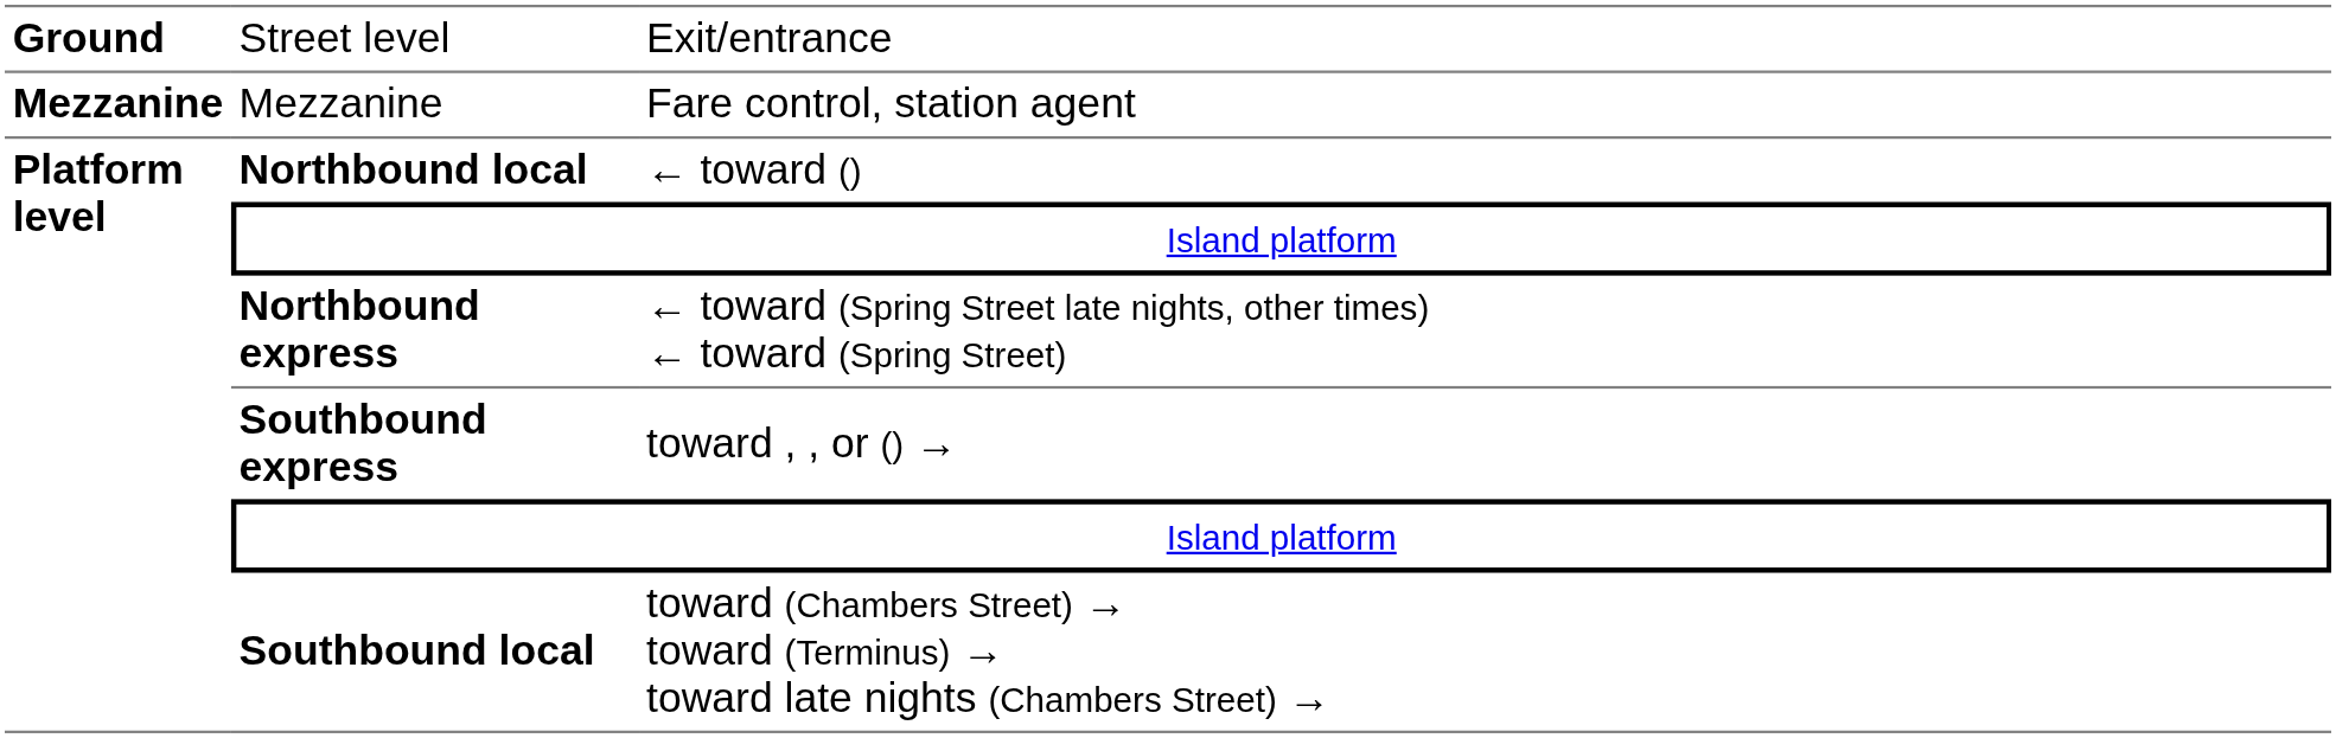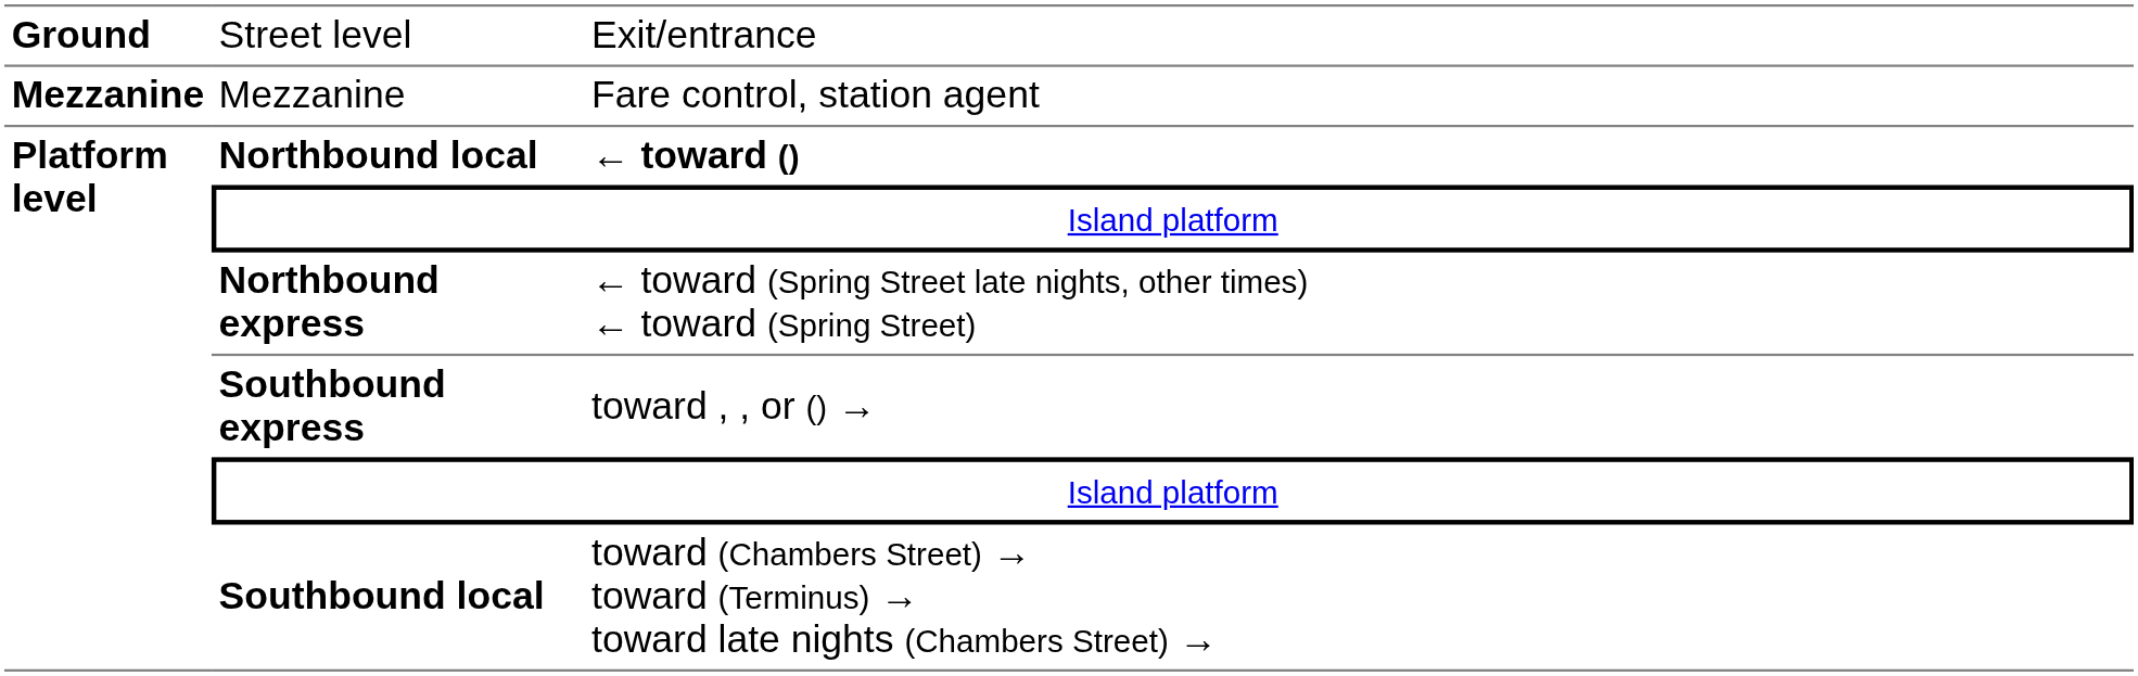 <table table border=0 cellspacing=0 cellpadding=3>
 <tr>
 <td style="border-bottom:solid 1px gray;border-top:solid 1px gray;" width=50><strong>Ground</strong></td>
 <td style="border-top:solid 1px gray;border-bottom:solid 1px gray;" width=150>Street level</td>
 <td style="border-top:solid 1px gray;border-bottom:solid 1px gray;" width=650>Exit/entrance</td>
 </tr>
 <tr>
 <td><strong>Mezzanine</strong></td>
 <td>Mezzanine</td>
 <td>Fare control, station agent</td>
 </tr>
 <tr>
 <td style="border-top:solid 1px gray;border-bottom:solid 1px gray;" rowspan=6 valign=top><strong>Platform level</strong></td>
 <td style="border-top:solid 1px gray;"><span><strong>Northbound local</strong></span></td>
-<td style="border-top:solid 1px gray;">←  toward  <small>()</small></td>
+<td style="border-top:solid 1px gray;"><strong>←  toward  <small>()</small></strong></td>
 </tr>
 <tr>
 <td style="border-top:solid 2px black;border-right:solid 2px black;border-left:solid 2px black;border-bottom:solid 2px black;text-align:center;" colspan=2><small><a href='#'>Island platform</a></small></td>
 </tr>
 <tr>
 <td style="border-bottom:solid 1px gray;"><span><strong>Northbound express</strong></span></td>
 <td style="border-bottom:solid 1px gray;">←  toward  <small>(Spring Street late nights,  other times)</small><br>←  toward  <small>(Spring Street)</small></td>
 </tr>
 <tr>
 <td><span><strong>Southbound express</strong></span></td>
 <td>  toward , , or  <small>()</small> →</td>
 </tr>
 <tr>
 <td style="border-top:solid 2px black;border-right:solid 2px black;border-left:solid 2px black;border-bottom:solid 2px black;text-align:center;" colspan=2><small><a href='#'>Island platform</a></small></td>
 </tr>
 <tr>
 <td style="border-bottom:solid 1px gray;"><span><strong>Southbound local</strong></span></td>
 <td style="border-bottom:solid 1px gray;">  toward  <small>(Chambers Street)</small> →<br>  toward  <small>(Terminus)</small> →<br>  toward  late nights <small>(Chambers Street)</small> →</td>
 </tr>
 </table>
